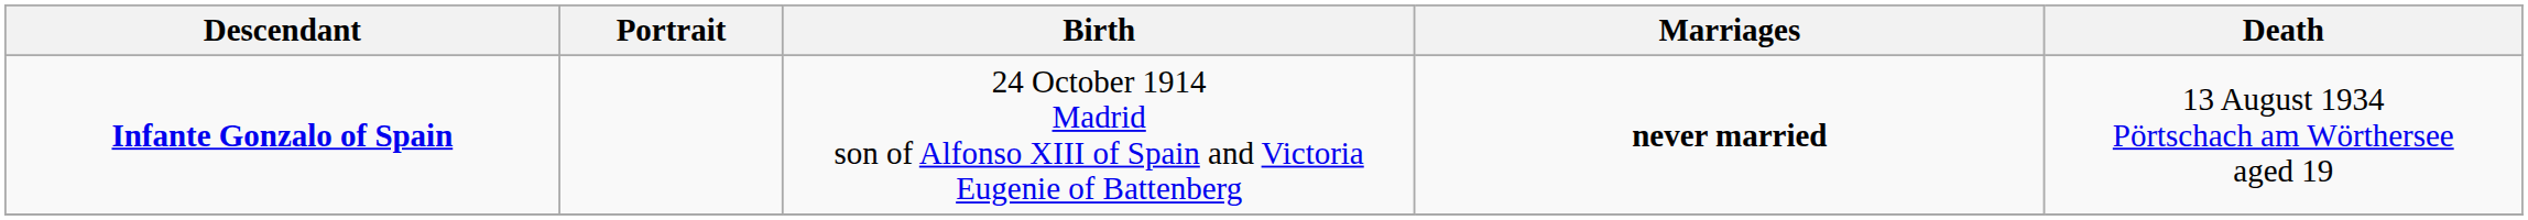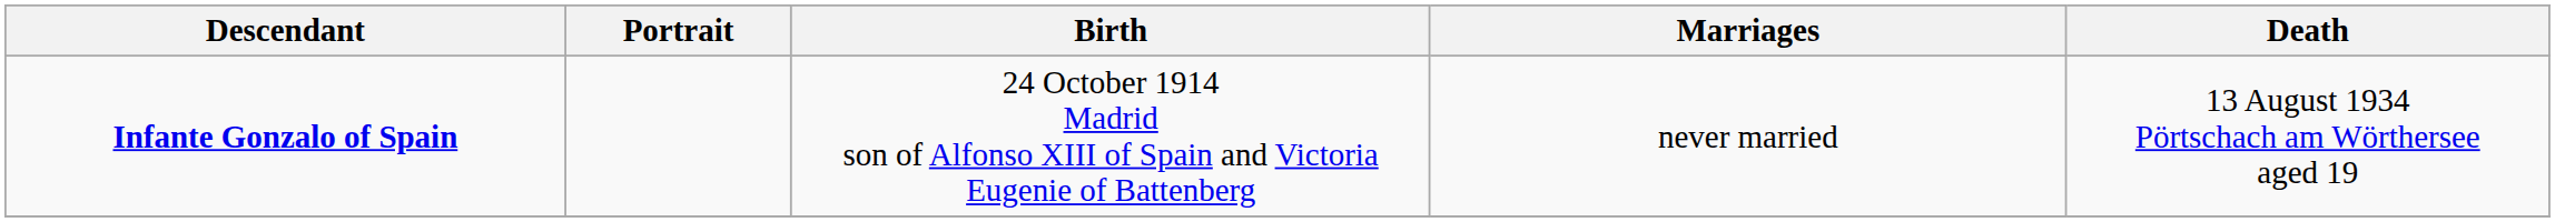 <table style="text-align:center; width:100%" class="wikitable">
 <tr>
 <th width=22%>Descendant</th>
 <th width=105px>Portrait</th>
 <th>Birth</th>
 <th width=25%>Marriages</th>
 <th width=19%>Death</th>
 </tr>
 <tr>
 <td><strong><a href='#'>Infante Gonzalo of Spain</a></strong></td>
 <td></td>
 <td>24 October 1914 <br><a href='#'>Madrid</a><br>son of <a href='#'>Alfonso XIII of Spain</a> and <a href='#'>Victoria Eugenie of Battenberg</a></td>
-<td><strong>never married</strong></td>
+<td>never married</td>
 <td>13 August 1934<br><a href='#'>Pörtschach am Wörthersee</a><br>aged 19</td>
 </tr>
 <tr>
 </tr>
 </table>
